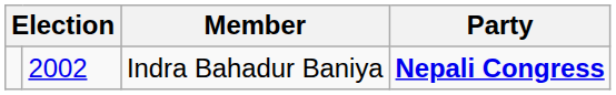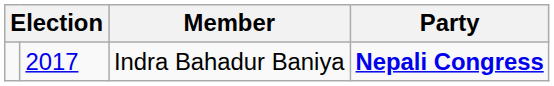 <table class="wikitable">
 <tr>
 <th colspan="2">Election</th>
 <th>Member</th>
 <th>Party</th>
 </tr>
 <tr>
 <td style="background-color:"></td>
-<td><a href='#'>2002</a></td>
+<td><a href='#'>2017</a></td>
 <td>Indra Bahadur Baniya</td>
 <td><strong><a href='#'>Nepali Congress</a></strong></td>
 </tr>
 </table>
